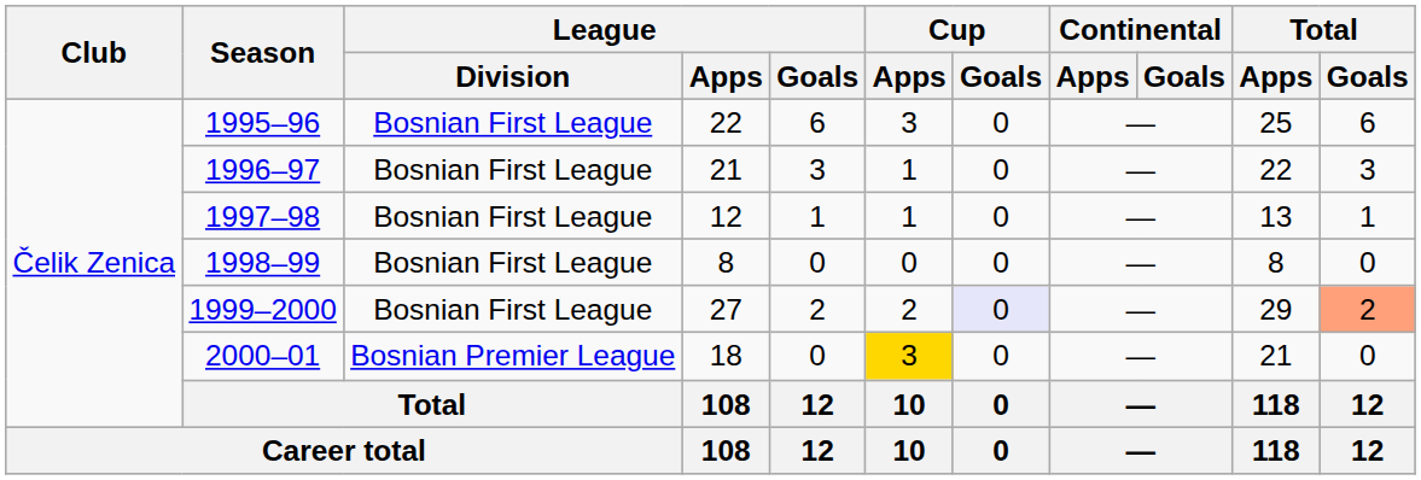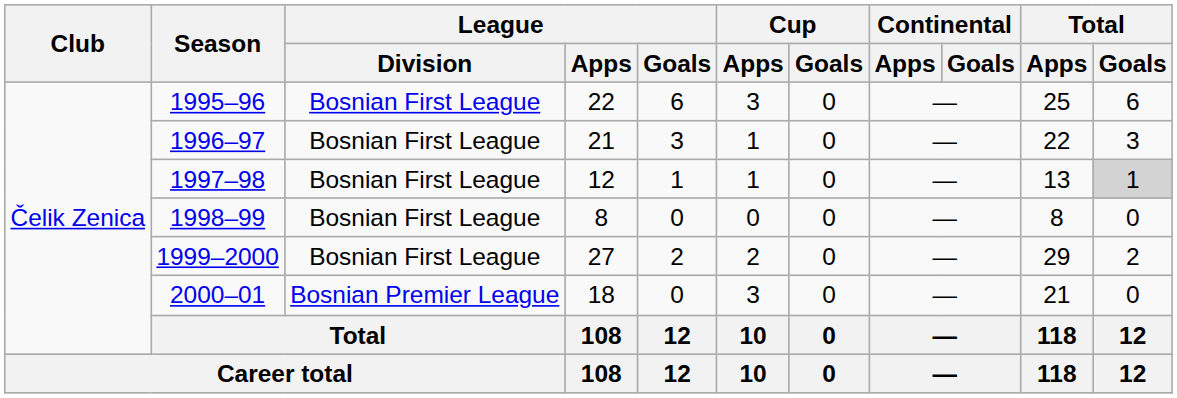 <table class=wikitable style="text-align: center;font-size:95%">
 <tr>
 <th rowspan=2>Club</th>
 <th rowspan=2>Season</th>
 <th colspan=3>League</th>
 <th colspan=2>Cup</th>
 <th colspan=2>Continental</th>
 <th colspan=2>Total</th>
 </tr>
 <tr>
 <th>Division</th>
 <th>Apps</th>
 <th>Goals</th>
 <th>Apps</th>
 <th>Goals</th>
 <th>Apps</th>
 <th>Goals</th>
 <th>Apps</th>
 <th>Goals</th>
 </tr>
 <tr>
 <td rowspan=7><a href='#'>Čelik Zenica</a></td>
 <td><a href='#'>1995–96</a></td>
 <td><a href='#'>Bosnian First League</a></td>
 <td>22</td>
 <td>6</td>
 <td>3</td>
 <td>0</td>
 <td colspan=2>—</td>
 <td>25</td>
 <td>6</td>
 </tr>
 <tr>
 <td><a href='#'>1996–97</a></td>
 <td>Bosnian First League</td>
 <td>21</td>
 <td>3</td>
 <td>1</td>
 <td>0</td>
 <td colspan=2>—</td>
 <td>22</td>
 <td>3</td>
 </tr>
 <tr>
 <td><a href='#'>1997–98</a></td>
 <td>Bosnian First League</td>
 <td>12</td>
 <td>1</td>
 <td>1</td>
 <td>0</td>
 <td colspan=2>—</td>
 <td>13</td>
-<td>1</td>
+<td style="background: lightgrey;">1</td>
 </tr>
 <tr>
 <td><a href='#'>1998–99</a></td>
 <td>Bosnian First League</td>
 <td>8</td>
 <td>0</td>
 <td>0</td>
 <td>0</td>
 <td colspan=2>—</td>
 <td>8</td>
 <td>0</td>
 </tr>
 <tr>
 <td><a href='#'>1999–2000</a></td>
 <td>Bosnian First League</td>
 <td>27</td>
 <td>2</td>
 <td>2</td>
-<td style="background: lavender;">0</td>
+<td>0</td>
 <td colspan=2>—</td>
 <td>29</td>
-<td style="background: lightsalmon;">2</td>
+<td>2</td>
 </tr>
 <tr>
 <td><a href='#'>2000–01</a></td>
 <td><a href='#'>Bosnian Premier League</a></td>
 <td>18</td>
 <td>0</td>
-<td style="background: gold;">3</td>
+<td>3</td>
 <td>0</td>
 <td colspan=2>—</td>
 <td>21</td>
 <td>0</td>
 </tr>
 <tr>
 <th colspan=2>Total</th>
 <th>108</th>
 <th>12</th>
 <th>10</th>
 <th>0</th>
 <th colspan=2>—</th>
 <th>118</th>
 <th>12</th>
 </tr>
 <tr>
 <th colspan=3>Career total</th>
 <th>108</th>
 <th>12</th>
 <th>10</th>
 <th>0</th>
 <th colspan=2>—</th>
 <th>118</th>
 <th>12</th>
 </tr>
 </table>
